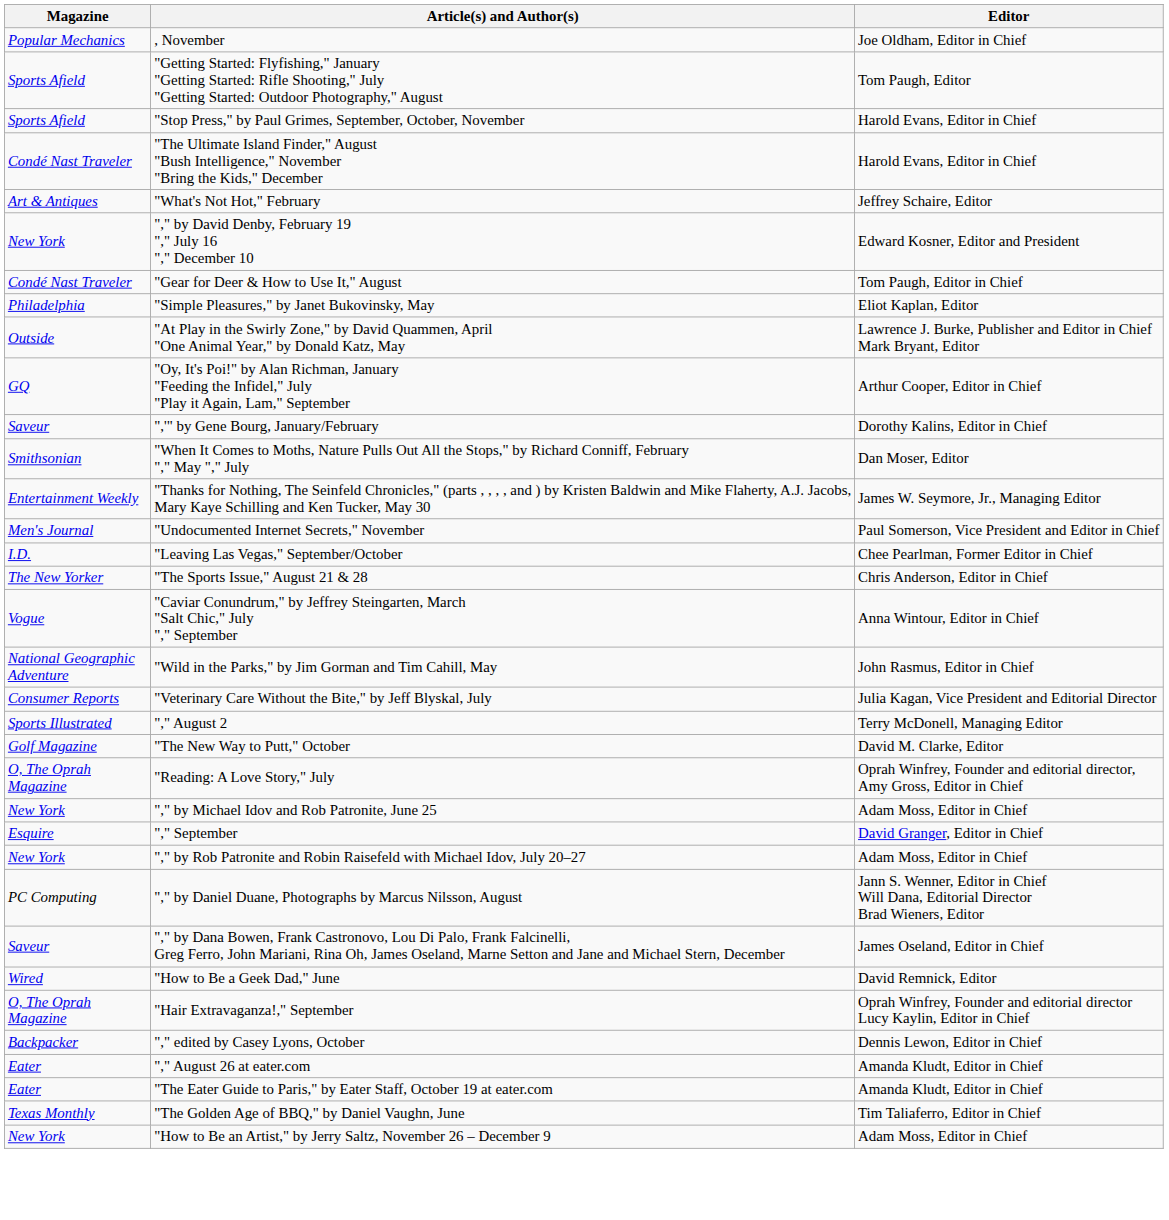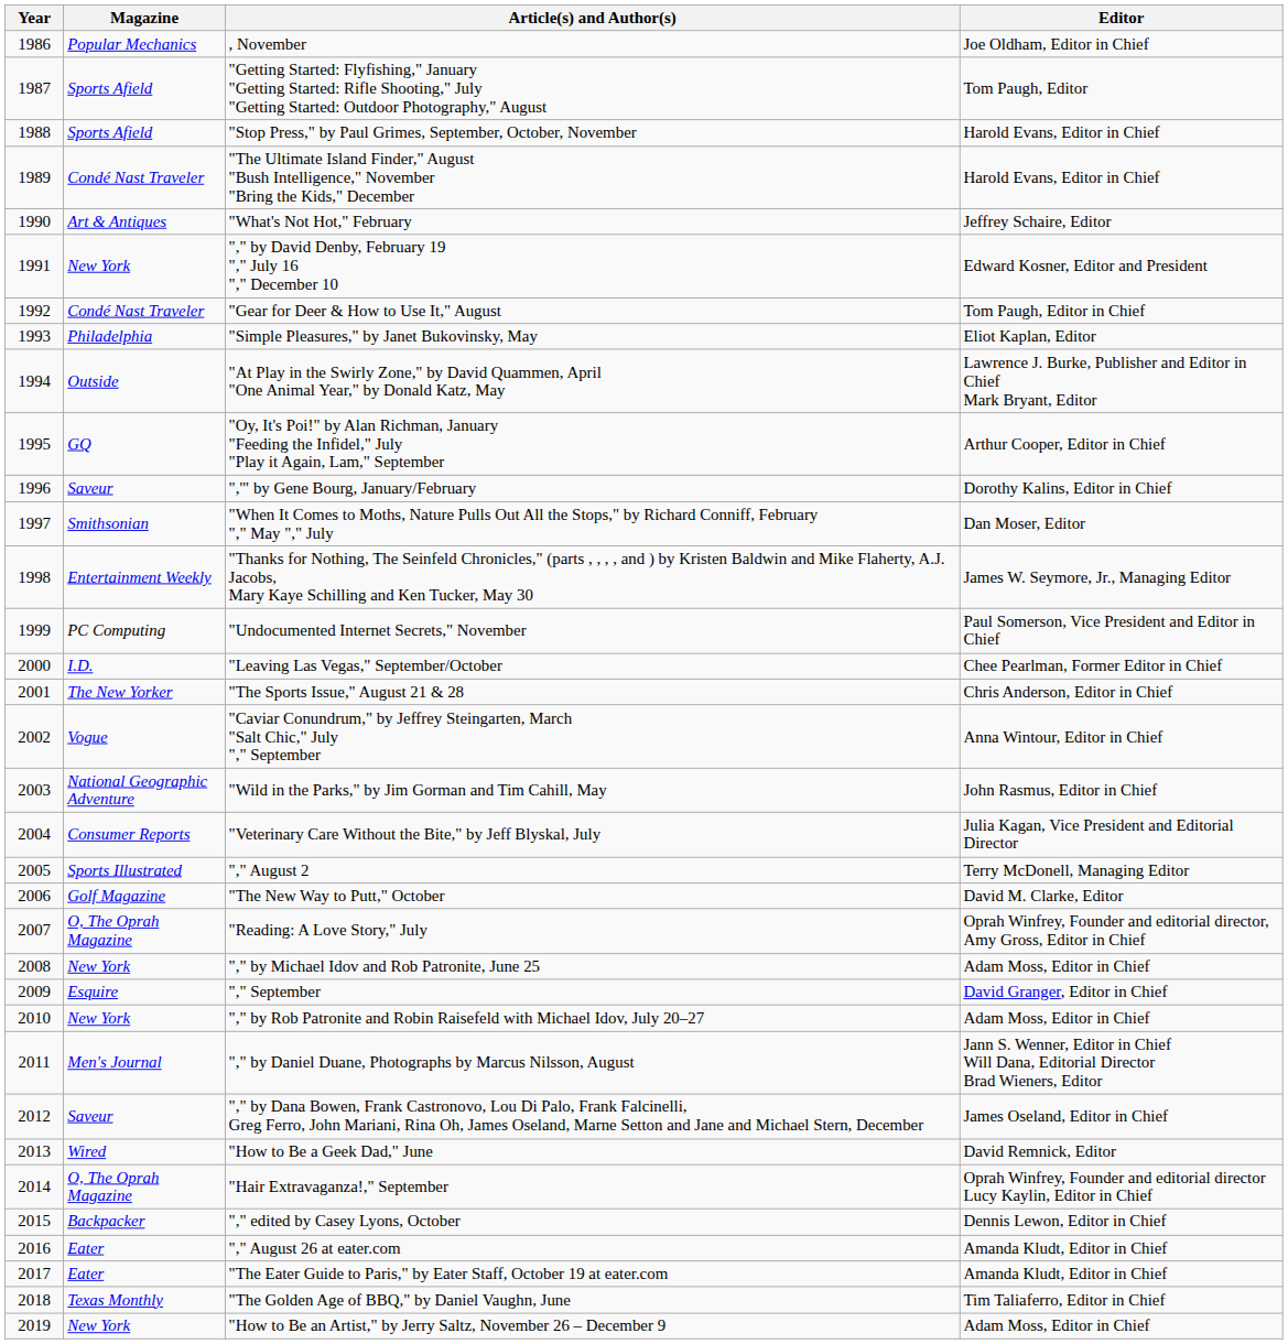 <table class="sortable wikitable plainrowheaders">
 <tr>
+<th scope="col" style="width:50px;">Year</th>
 <th scope="col" style="width:150px;">Magazine</th>
 <th>Article(s) and Author(s)</th>
 <th>Editor</th>
 </tr>
 <tr>
+<td align=center>1986</td>
 <td><em><a href='#'>Popular Mechanics</a></em></td>
 <td>, November</td>
 <td>Joe Oldham, Editor in Chief</td>
 </tr>
 <tr>
+<td align=center>1987</td>
 <td><em><a href='#'>Sports Afield</a></em></td>
 <td>"Getting Started: Flyfishing," January<br>"Getting Started: Rifle Shooting," July<br>"Getting Started: Outdoor Photography," August</td>
 <td>Tom Paugh, Editor</td>
 </tr>
 <tr>
+<td align=center>1988</td>
 <td><em><a href='#'>Sports Afield</a></em></td>
 <td>"Stop Press," by Paul Grimes, September, October, November</td>
 <td>Harold Evans, Editor in Chief</td>
 </tr>
 <tr>
+<td align=center>1989</td>
 <td><em><a href='#'>Condé Nast Traveler</a></em></td>
 <td>"The Ultimate Island Finder," August<br>"Bush Intelligence," November<br>"Bring the Kids," December</td>
 <td>Harold Evans, Editor in Chief</td>
 </tr>
 <tr>
+<td align=center>1990</td>
 <td><em><a href='#'>Art & Antiques</a></em></td>
 <td>"What's Not Hot," February</td>
 <td>Jeffrey Schaire, Editor</td>
 </tr>
 <tr>
+<td align=center>1991</td>
 <td><em><a href='#'>New York</a></em></td>
 <td>"," by David Denby, February 19<br>"," July 16<br>"," December 10</td>
 <td>Edward Kosner, Editor and President</td>
 </tr>
 <tr>
+<td align=center>1992</td>
 <td><em><a href='#'>Condé Nast Traveler</a></em></td>
 <td>"Gear for Deer & How to Use It," August</td>
 <td>Tom Paugh, Editor in Chief</td>
 </tr>
 <tr>
+<td align=center>1993</td>
 <td><em><a href='#'>Philadelphia</a></em></td>
 <td>"Simple Pleasures," by Janet Bukovinsky, May</td>
 <td>Eliot Kaplan, Editor</td>
 </tr>
 <tr>
+<td align=center>1994</td>
 <td><em><a href='#'>Outside</a></em></td>
 <td>"At Play in the Swirly Zone," by David Quammen, April<br>"One Animal Year," by Donald Katz, May</td>
 <td>Lawrence J. Burke, Publisher and Editor in Chief<br>Mark Bryant, Editor</td>
 </tr>
 <tr>
+<td align=center>1995</td>
 <td><em><a href='#'>GQ</a></em></td>
 <td>"Oy, It's Poi!" by Alan Richman, January<br>"Feeding the Infidel," July<br>"Play it Again, Lam," September</td>
 <td>Arthur Cooper, Editor in Chief</td>
 </tr>
 <tr>
+<td align=center>1996</td>
 <td><em><a href='#'>Saveur</a></em></td>
 <td>",'" by Gene Bourg, January/February</td>
 <td>Dorothy Kalins, Editor in Chief</td>
 </tr>
 <tr>
+<td align=center>1997</td>
 <td><em><a href='#'>Smithsonian</a></em></td>
 <td>"When It Comes to Moths, Nature Pulls Out All the Stops," by Richard Conniff, February<br>"," May  "," July</td>
 <td>Dan Moser, Editor</td>
 </tr>
 <tr>
+<td align=center>1998</td>
 <td><em><a href='#'>Entertainment Weekly</a></em></td>
 <td>"Thanks for Nothing, The Seinfeld Chronicles," (parts , , , , and ) by Kristen Baldwin and Mike Flaherty, A.J. Jacobs,<br>Mary Kaye Schilling and Ken Tucker, May 30</td>
 <td>James W. Seymore, Jr., Managing Editor</td>
 </tr>
 <tr>
-<td><em><a href='#'>Men's Journal</a></em></td>
+<td align=center>1999</td>
+<td><em>PC Computing</em></td>
 <td>"Undocumented Internet Secrets," November</td>
 <td>Paul Somerson, Vice President and Editor in Chief</td>
 </tr>
 <tr>
+<td align=center>2000</td>
 <td><em><a href='#'>I.D.</a></em></td>
 <td>"Leaving Las Vegas," September/October</td>
 <td>Chee Pearlman, Former Editor in Chief</td>
 </tr>
 <tr>
+<td align=center>2001</td>
 <td><em><a href='#'>The New Yorker</a></em></td>
 <td>"The Sports Issue," August 21 & 28</td>
 <td>Chris Anderson, Editor in Chief</td>
 </tr>
 <tr>
+<td align=center>2002</td>
 <td><em><a href='#'>Vogue</a></em></td>
 <td>"Caviar Conundrum," by Jeffrey Steingarten, March<br>"Salt Chic," July<br>"," September</td>
 <td>Anna Wintour, Editor in Chief</td>
 </tr>
 <tr>
+<td align=center>2003</td>
 <td><em><a href='#'>National Geographic Adventure</a></em></td>
 <td>"Wild in the Parks," by Jim Gorman and Tim Cahill, May</td>
 <td>John Rasmus, Editor in Chief</td>
 </tr>
 <tr>
+<td align=center>2004</td>
 <td><em><a href='#'>Consumer Reports</a></em></td>
 <td>"Veterinary Care Without the Bite," by Jeff Blyskal, July</td>
 <td>Julia Kagan, Vice President and Editorial Director</td>
 </tr>
 <tr>
+<td align=center>2005</td>
 <td><em><a href='#'>Sports Illustrated</a></em></td>
 <td>"," August 2</td>
 <td>Terry McDonell, Managing Editor</td>
 </tr>
 <tr>
+<td align=center>2006</td>
 <td><em><a href='#'>Golf Magazine</a></em></td>
 <td>"The New Way to Putt," October</td>
 <td>David M. Clarke, Editor</td>
 </tr>
 <tr>
+<td align=center>2007</td>
 <td><em><a href='#'>O, The Oprah Magazine</a></em></td>
 <td>"Reading: A Love Story," July</td>
 <td>Oprah Winfrey, Founder and editorial director,<br>Amy Gross, Editor in Chief</td>
 </tr>
 <tr>
+<td align=center>2008</td>
 <td><em><a href='#'>New York</a></em></td>
 <td>"," by Michael Idov and Rob Patronite, June 25</td>
 <td>Adam Moss, Editor in Chief</td>
 </tr>
 <tr>
+<td align=center>2009</td>
 <td><em><a href='#'>Esquire</a></em></td>
 <td>"," September</td>
 <td><a href='#'>David Granger</a>, Editor in Chief</td>
 </tr>
 <tr>
+<td align=center>2010</td>
 <td><em><a href='#'>New York</a></em></td>
 <td>"," by Rob Patronite and Robin Raisefeld with Michael Idov, July 20–27</td>
 <td>Adam Moss, Editor in Chief</td>
 </tr>
 <tr>
-<td><em>PC Computing</em></td>
+<td align=center>2011</td>
+<td><em><a href='#'>Men's Journal</a></em></td>
 <td>"," by Daniel Duane, Photographs by Marcus Nilsson, August</td>
 <td>Jann S. Wenner, Editor in Chief<br>Will Dana, Editorial Director<br>Brad Wieners, Editor</td>
 </tr>
 <tr>
+<td align=center>2012</td>
 <td><em><a href='#'>Saveur</a></em></td>
 <td>"," by Dana Bowen, Frank Castronovo, Lou Di Palo, Frank Falcinelli,<br>Greg Ferro, John Mariani, Rina Oh, James Oseland, Marne Setton and Jane and Michael Stern, December</td>
 <td>James Oseland, Editor in Chief</td>
 </tr>
 <tr>
+<td align=center>2013</td>
 <td><em><a href='#'>Wired</a></em></td>
 <td>"How to Be a Geek Dad," June</td>
 <td>David Remnick, Editor</td>
 </tr>
 <tr>
+<td align=center>2014</td>
 <td><em><a href='#'>O, The Oprah Magazine</a></em></td>
 <td>"Hair Extravaganza!," September</td>
 <td>Oprah Winfrey, Founder and editorial director<br>Lucy Kaylin, Editor in Chief</td>
 </tr>
 <tr>
+<td align=center>2015</td>
 <td><em><a href='#'>Backpacker</a></em></td>
 <td>"," edited by Casey Lyons, October</td>
 <td>Dennis Lewon, Editor in Chief</td>
 </tr>
 <tr>
+<td align=center>2016</td>
 <td><em><a href='#'>Eater</a></em></td>
 <td>"," August 26 at eater.com</td>
 <td>Amanda Kludt, Editor in Chief</td>
 </tr>
 <tr>
+<td align=center>2017</td>
 <td><em><a href='#'>Eater</a></em></td>
 <td>"The Eater Guide to Paris," by Eater Staff, October 19 at eater.com</td>
 <td>Amanda Kludt, Editor in Chief</td>
 </tr>
 <tr>
+<td align=center>2018</td>
 <td><em><a href='#'>Texas Monthly</a></em></td>
 <td>"The Golden Age of BBQ," by Daniel Vaughn, June</td>
 <td>Tim Taliaferro, Editor in Chief</td>
 </tr>
 <tr>
+<td align=center>2019</td>
 <td><em><a href='#'>New York</a></em></td>
 <td>"How to Be an Artist," by Jerry Saltz, November 26 – December 9</td>
 <td>Adam Moss, Editor in Chief</td>
 </tr>
 </table>
